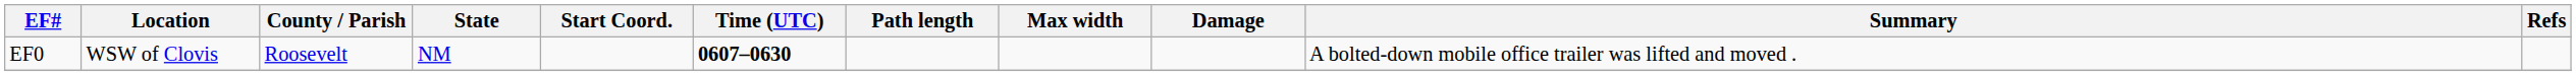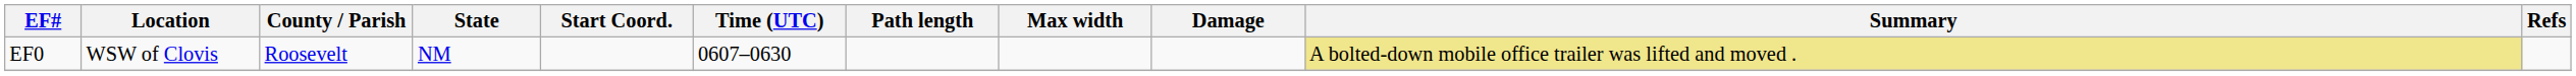 <table class="wikitable sortable" style="width:100%;">
 <tr>
 <th scope="col"  style="width:3%; text-align:center;"><a href='#'>EF#</a></th>
 <th scope="col"  style="width:7%; text-align:center;" class="unsortable">Location</th>
 <th scope="col"  style="width:6%; text-align:center;" class="unsortable">County / Parish</th>
 <th scope="col"  style="width:5%; text-align:center;">State</th>
 <th scope="col"  style="width:6%; text-align:center;">Start Coord.</th>
 <th scope="col"  style="width:6%; text-align:center;">Time (<a href='#'>UTC</a>)</th>
 <th scope="col"  style="width:6%; text-align:center;">Path length</th>
 <th scope="col"  style="width:6%; text-align:center;">Max width</th>
 <th scope="col"  style="width:6%; text-align:center;">Damage</th>
 <th scope="col" class="unsortable" style="width:48%; text-align:center;">Summary</th>
 <th scope="col" class="unsortable" style="width:48%; text-align:center;">Refs</th>
 </tr>
 <tr>
 <td>EF0</td>
 <td>WSW of <a href='#'>Clovis</a></td>
 <td><a href='#'>Roosevelt</a></td>
 <td><a href='#'>NM</a></td>
 <td></td>
-<td><strong>0607–0630</strong></td>
+<td>0607–0630</td>
 <td></td>
 <td></td>
 <td></td>
-<td>A  bolted-down mobile office trailer was lifted and moved .</td>
+<td style="background: khaki;">A  bolted-down mobile office trailer was lifted and moved .</td>
 <td></td>
 </tr>
 <tr>
 </tr>
 </table>
